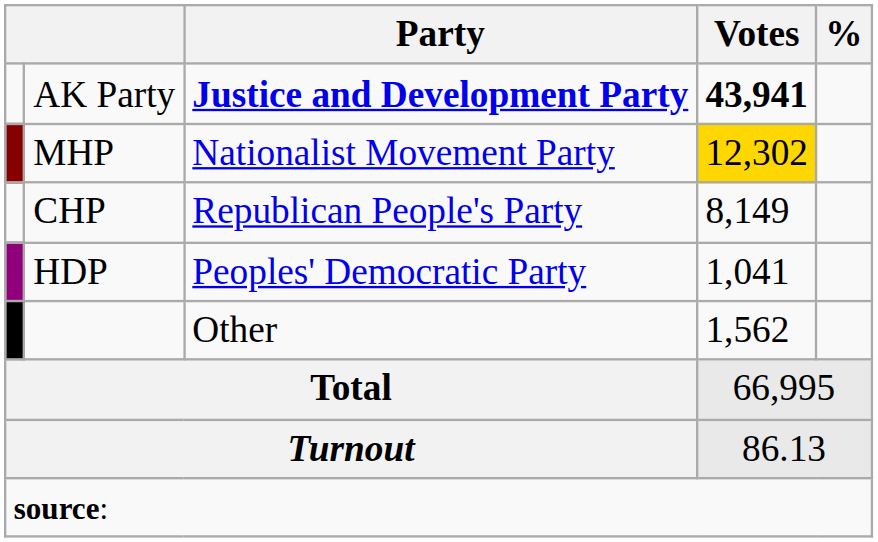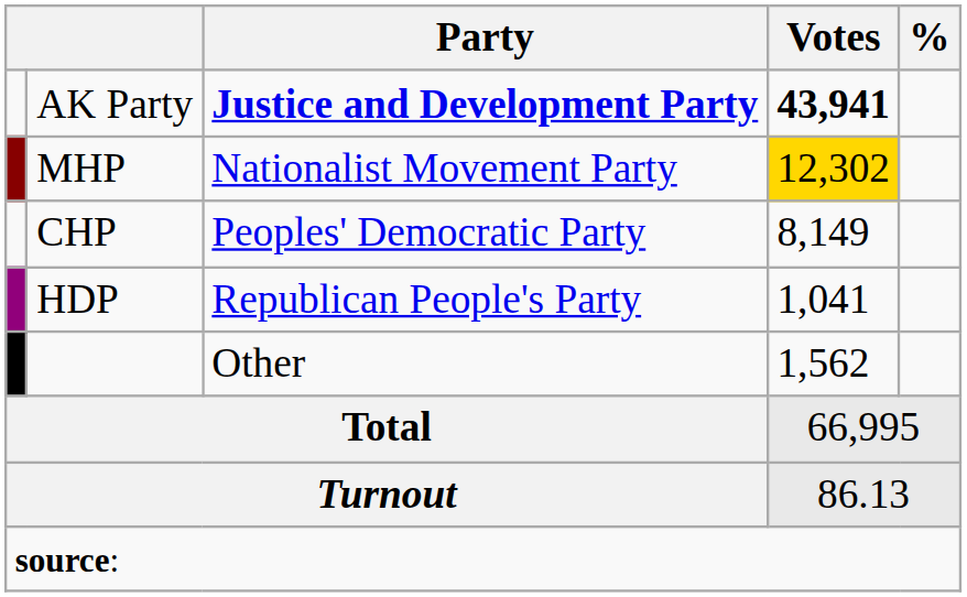 <table class="wikitable">
 <tr>
 <th colspan="2" align="center"></th>
 <th align="center">Party</th>
 <th align="center">Votes</th>
 <th align="center">%</th>
 </tr>
 <tr align="left">
 <td></td>
 <td>AK Party</td>
 <td><strong><a href='#'>Justice and Development Party</a></strong></td>
 <td><strong>43,941</strong></td>
 <td><strong></strong></td>
 </tr>
 <tr align="left">
 <td bgcolor="#870000" width="1"></td>
 <td>MHP</td>
 <td><a href='#'>Nationalist Movement Party</a></td>
 <td style="background: gold;">12,302</td>
 <td></td>
 </tr>
 <tr align="left">
 <td></td>
 <td>CHP</td>
-<td><a href='#'>Republican People's Party</a></td>
+<td><a href='#'>Peoples' Democratic Party</a></td>
 <td>8,149</td>
 <td></td>
 </tr>
 <tr align="left">
 <td bgcolor="#91007B" width="1"></td>
 <td>HDP</td>
-<td><a href='#'>Peoples' Democratic Party</a></td>
+<td><a href='#'>Republican People's Party</a></td>
 <td>1,041</td>
 <td></td>
 </tr>
 <tr align="left">
 <td bgcolor=" " width="1"></td>
 <td></td>
 <td>Other</td>
 <td>1,562</td>
 <td></td>
 </tr>
 <tr align="left" style="background-color:#E9E9E9">
 <th colspan="3" align="center"><strong>Total</strong></th>
 <td colspan="5" align="center">66,995</td>
 </tr>
 <tr align="left" style="background-color:#E9E9E9">
 <th colspan="3" align="center"><em>Turnout</em></th>
 <td colspan="5" align="center">86.13</td>
 </tr>
 <tr>
 <td colspan="9" align="left"><small><strong>source</strong>: </small></td>
 </tr>
 </table>
